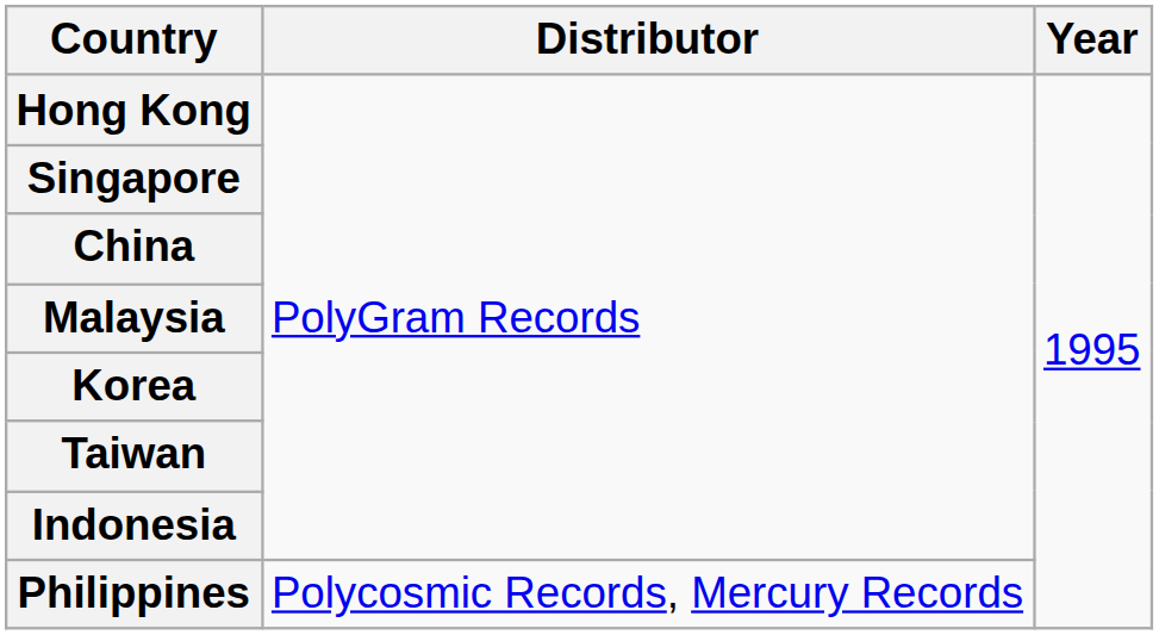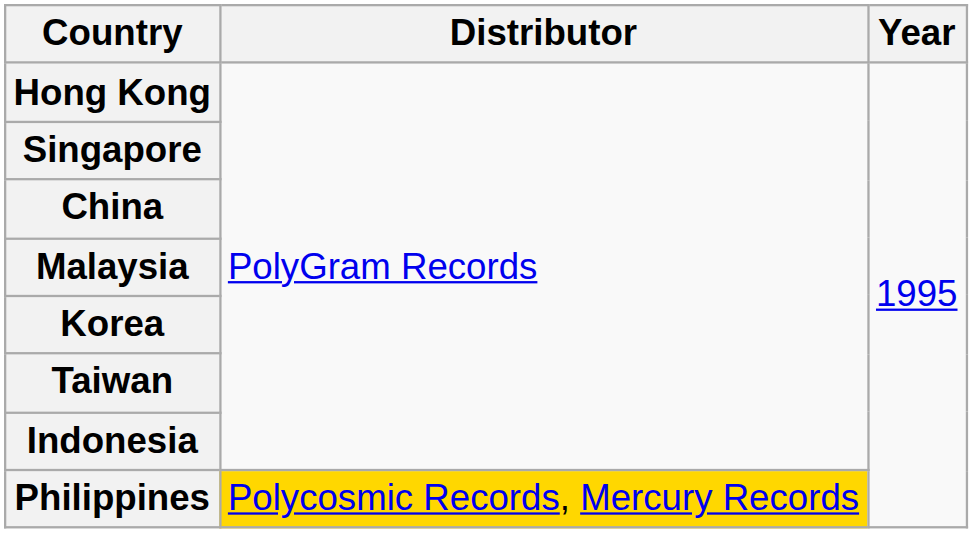 <table class="wikitable plainrowheaders">
 <tr>
 <th>Country</th>
 <th>Distributor</th>
 <th>Year</th>
 </tr>
 <tr>
 <th scope="row">Hong Kong</th>
 <td rowspan="7"><a href='#'>PolyGram Records</a></td>
 <td rowspan="8"><a href='#'>1995</a></td>
 </tr>
 <tr>
 <th scope="row">Singapore</th>
 </tr>
 <tr>
 <th scope="row">China</th>
 </tr>
 <tr>
 <th scope="row">Malaysia</th>
 </tr>
 <tr>
 <th scope="row">Korea</th>
 </tr>
 <tr>
 <th scope="row">Taiwan</th>
 </tr>
 <tr>
 <th scope="row">Indonesia</th>
 </tr>
 <tr>
 <th scope="row">Philippines</th>
-<td><a href='#'>Polycosmic Records</a>, <a href='#'>Mercury Records</a></td>
+<td style="background: gold;"><a href='#'>Polycosmic Records</a>, <a href='#'>Mercury Records</a></td>
 </tr>
 </table>
